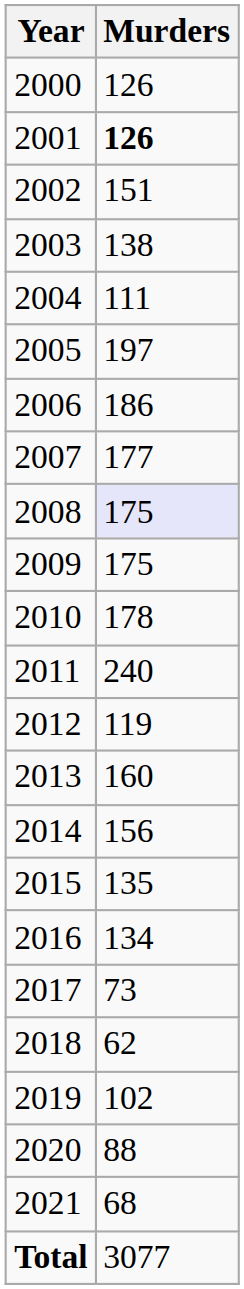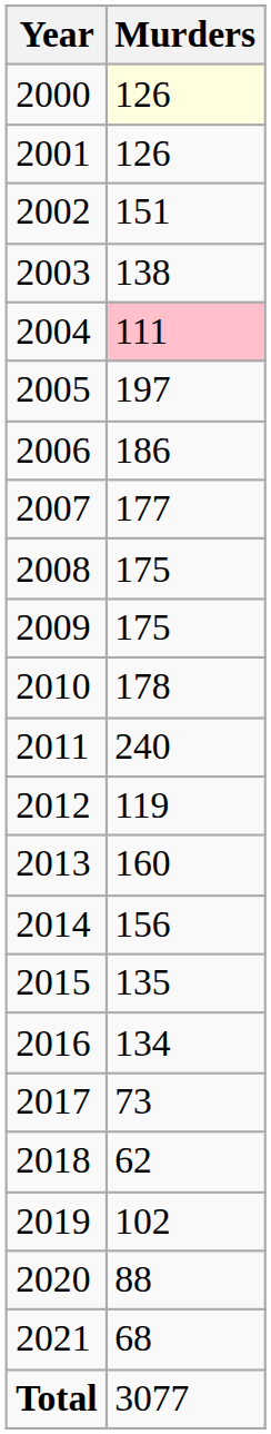 <table class="wikitable" style="margin-left: auto; margin-right: auto; border: none;">
 <tr>
 <th><strong>Year</strong></th>
 <th><strong>Murders</strong></th>
 </tr>
 <tr>
 <td>2000</td>
-<td>126</td>
+<td style="background: lightyellow;">126</td>
 </tr>
 <tr>
 <td>2001</td>
-<td><strong>126</strong></td>
+<td>126</td>
 </tr>
 <tr>
 <td>2002</td>
 <td>151</td>
 </tr>
 <tr>
 <td>2003</td>
 <td>138</td>
 </tr>
 <tr>
 <td>2004</td>
-<td>111</td>
+<td style="background: pink;">111</td>
 </tr>
 <tr>
 <td>2005</td>
 <td>197</td>
 </tr>
 <tr>
 <td>2006</td>
 <td>186</td>
 </tr>
 <tr>
 <td>2007</td>
 <td>177</td>
 </tr>
 <tr>
 <td>2008</td>
-<td style="background: lavender;">175</td>
+<td>175</td>
 </tr>
 <tr>
 <td>2009</td>
 <td>175</td>
 </tr>
 <tr>
 <td>2010</td>
 <td>178</td>
 </tr>
 <tr>
 <td>2011</td>
 <td>240</td>
 </tr>
 <tr>
 <td>2012</td>
 <td>119</td>
 </tr>
 <tr>
 <td>2013</td>
 <td>160</td>
 </tr>
 <tr>
 <td>2014</td>
 <td>156</td>
 </tr>
 <tr>
 <td>2015</td>
 <td>135</td>
 </tr>
 <tr>
 <td>2016</td>
 <td>134</td>
 </tr>
 <tr>
 <td>2017</td>
 <td>73</td>
 </tr>
 <tr>
 <td>2018</td>
 <td>62</td>
 </tr>
 <tr>
 <td>2019</td>
 <td>102</td>
 </tr>
 <tr>
 <td>2020</td>
 <td>88</td>
 </tr>
 <tr>
 <td>2021</td>
 <td>68</td>
 </tr>
 <tr>
 <td><strong>Total</strong></td>
 <td>3077</td>
 </tr>
 </table>
